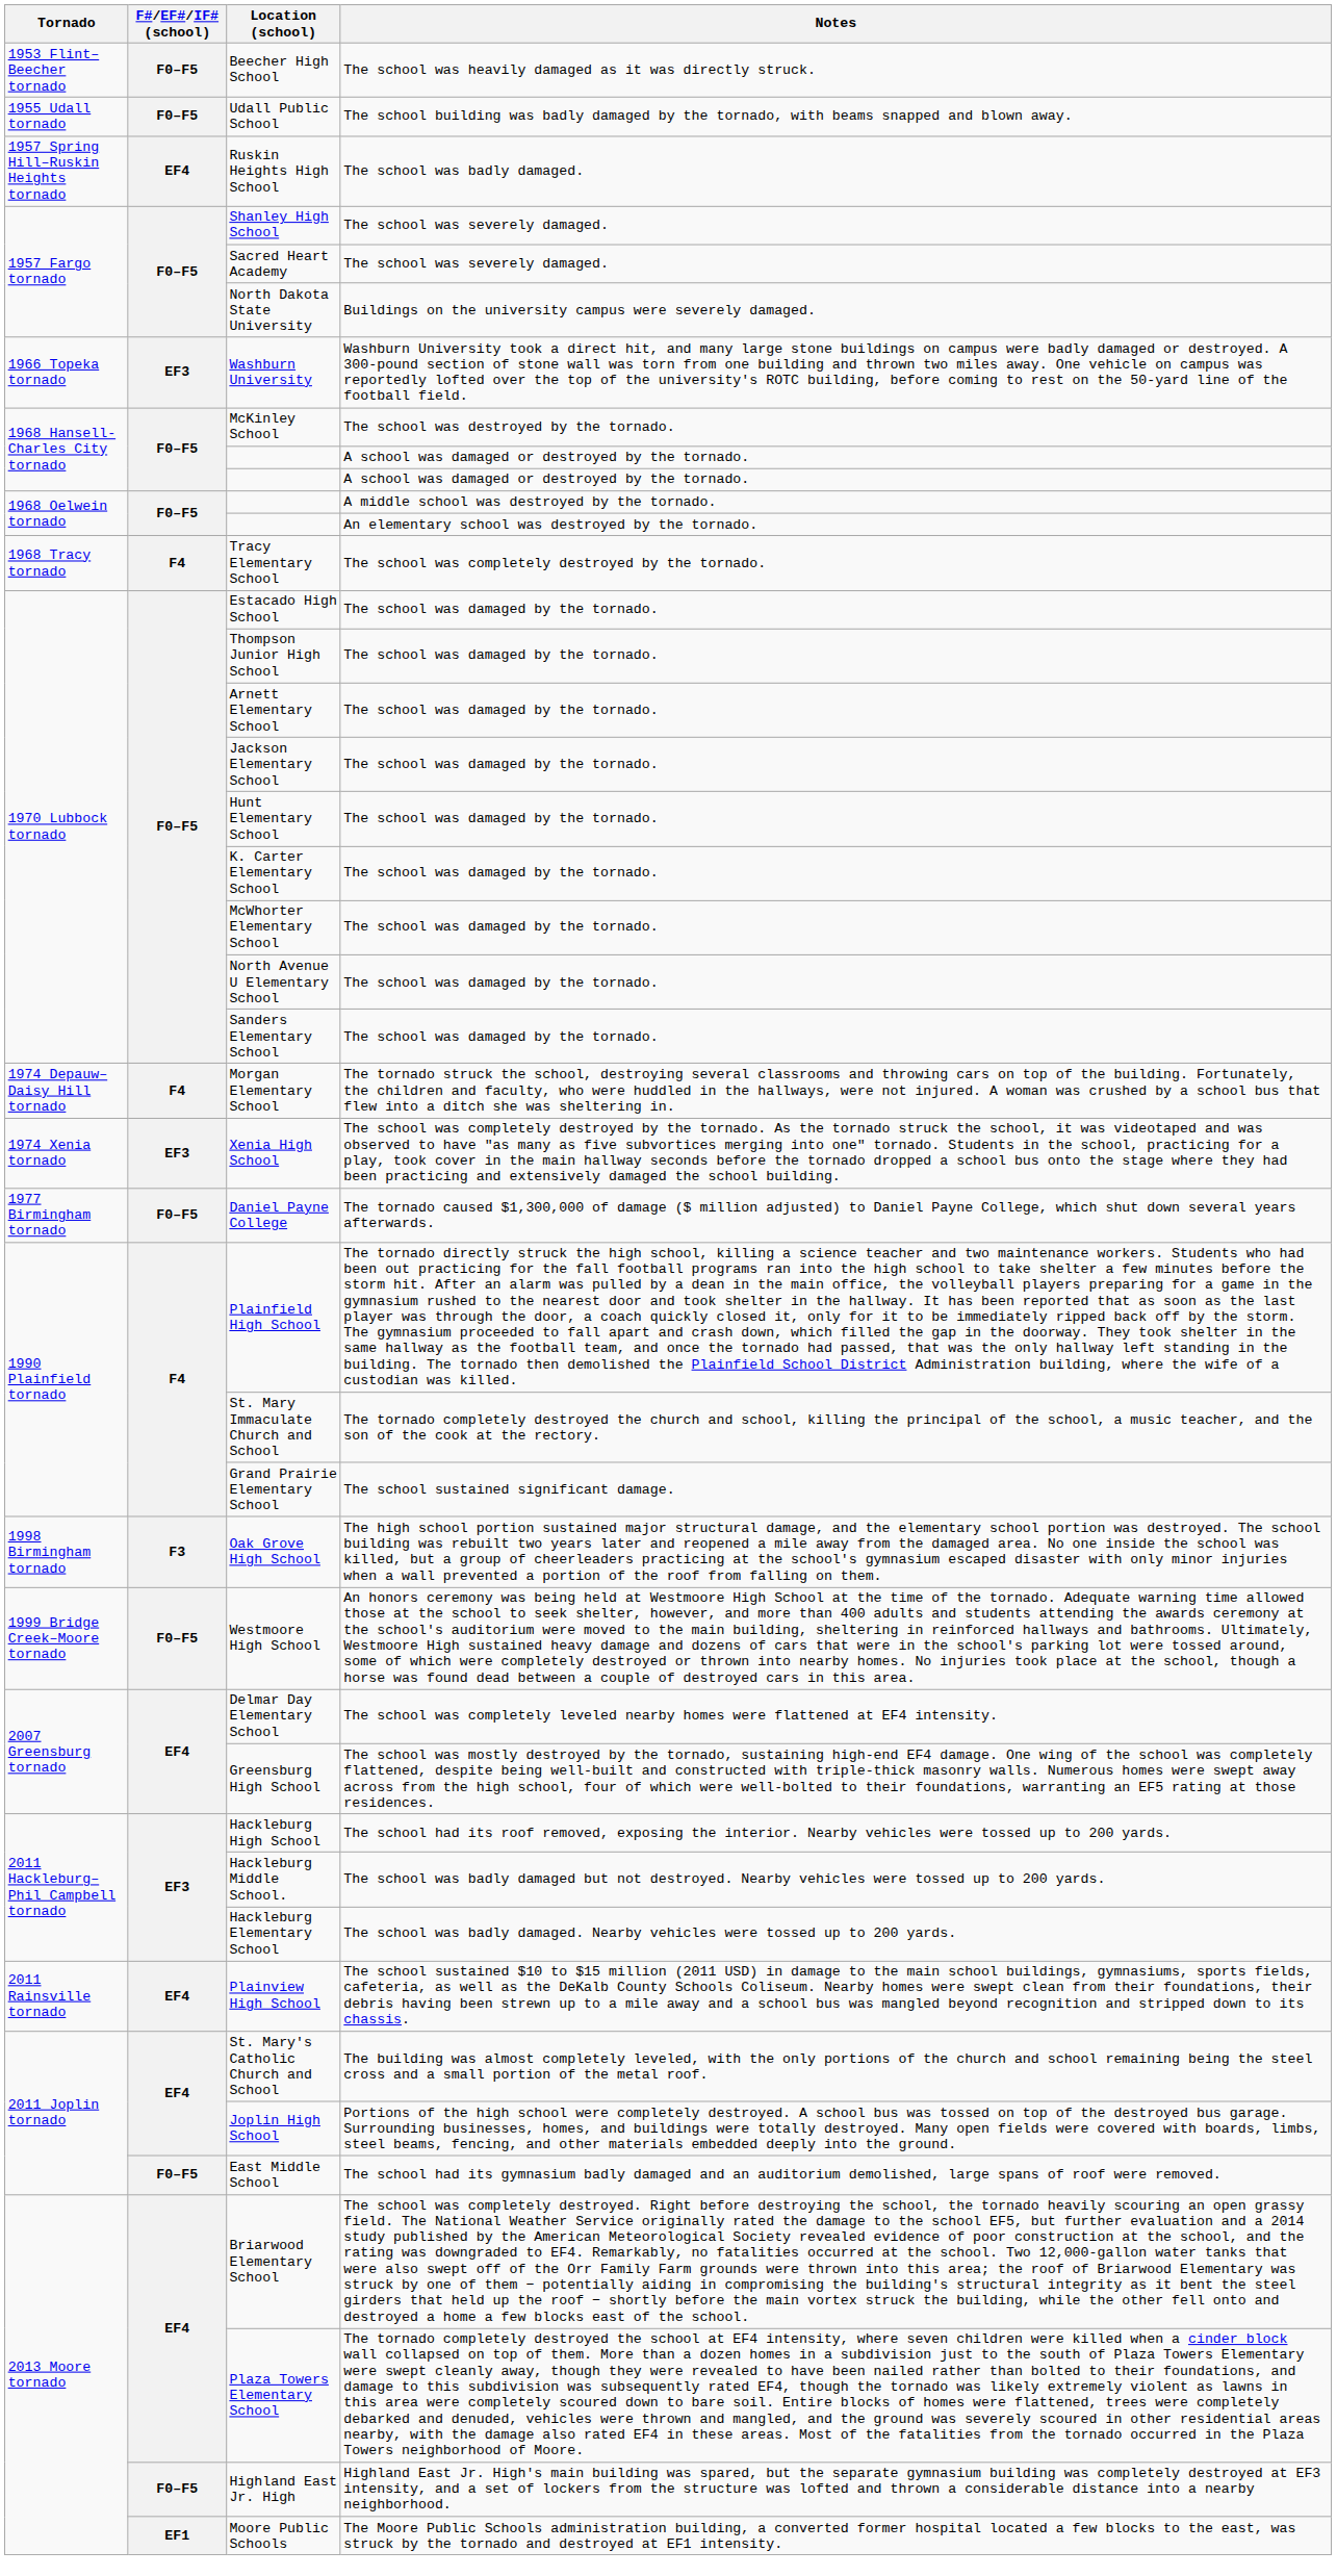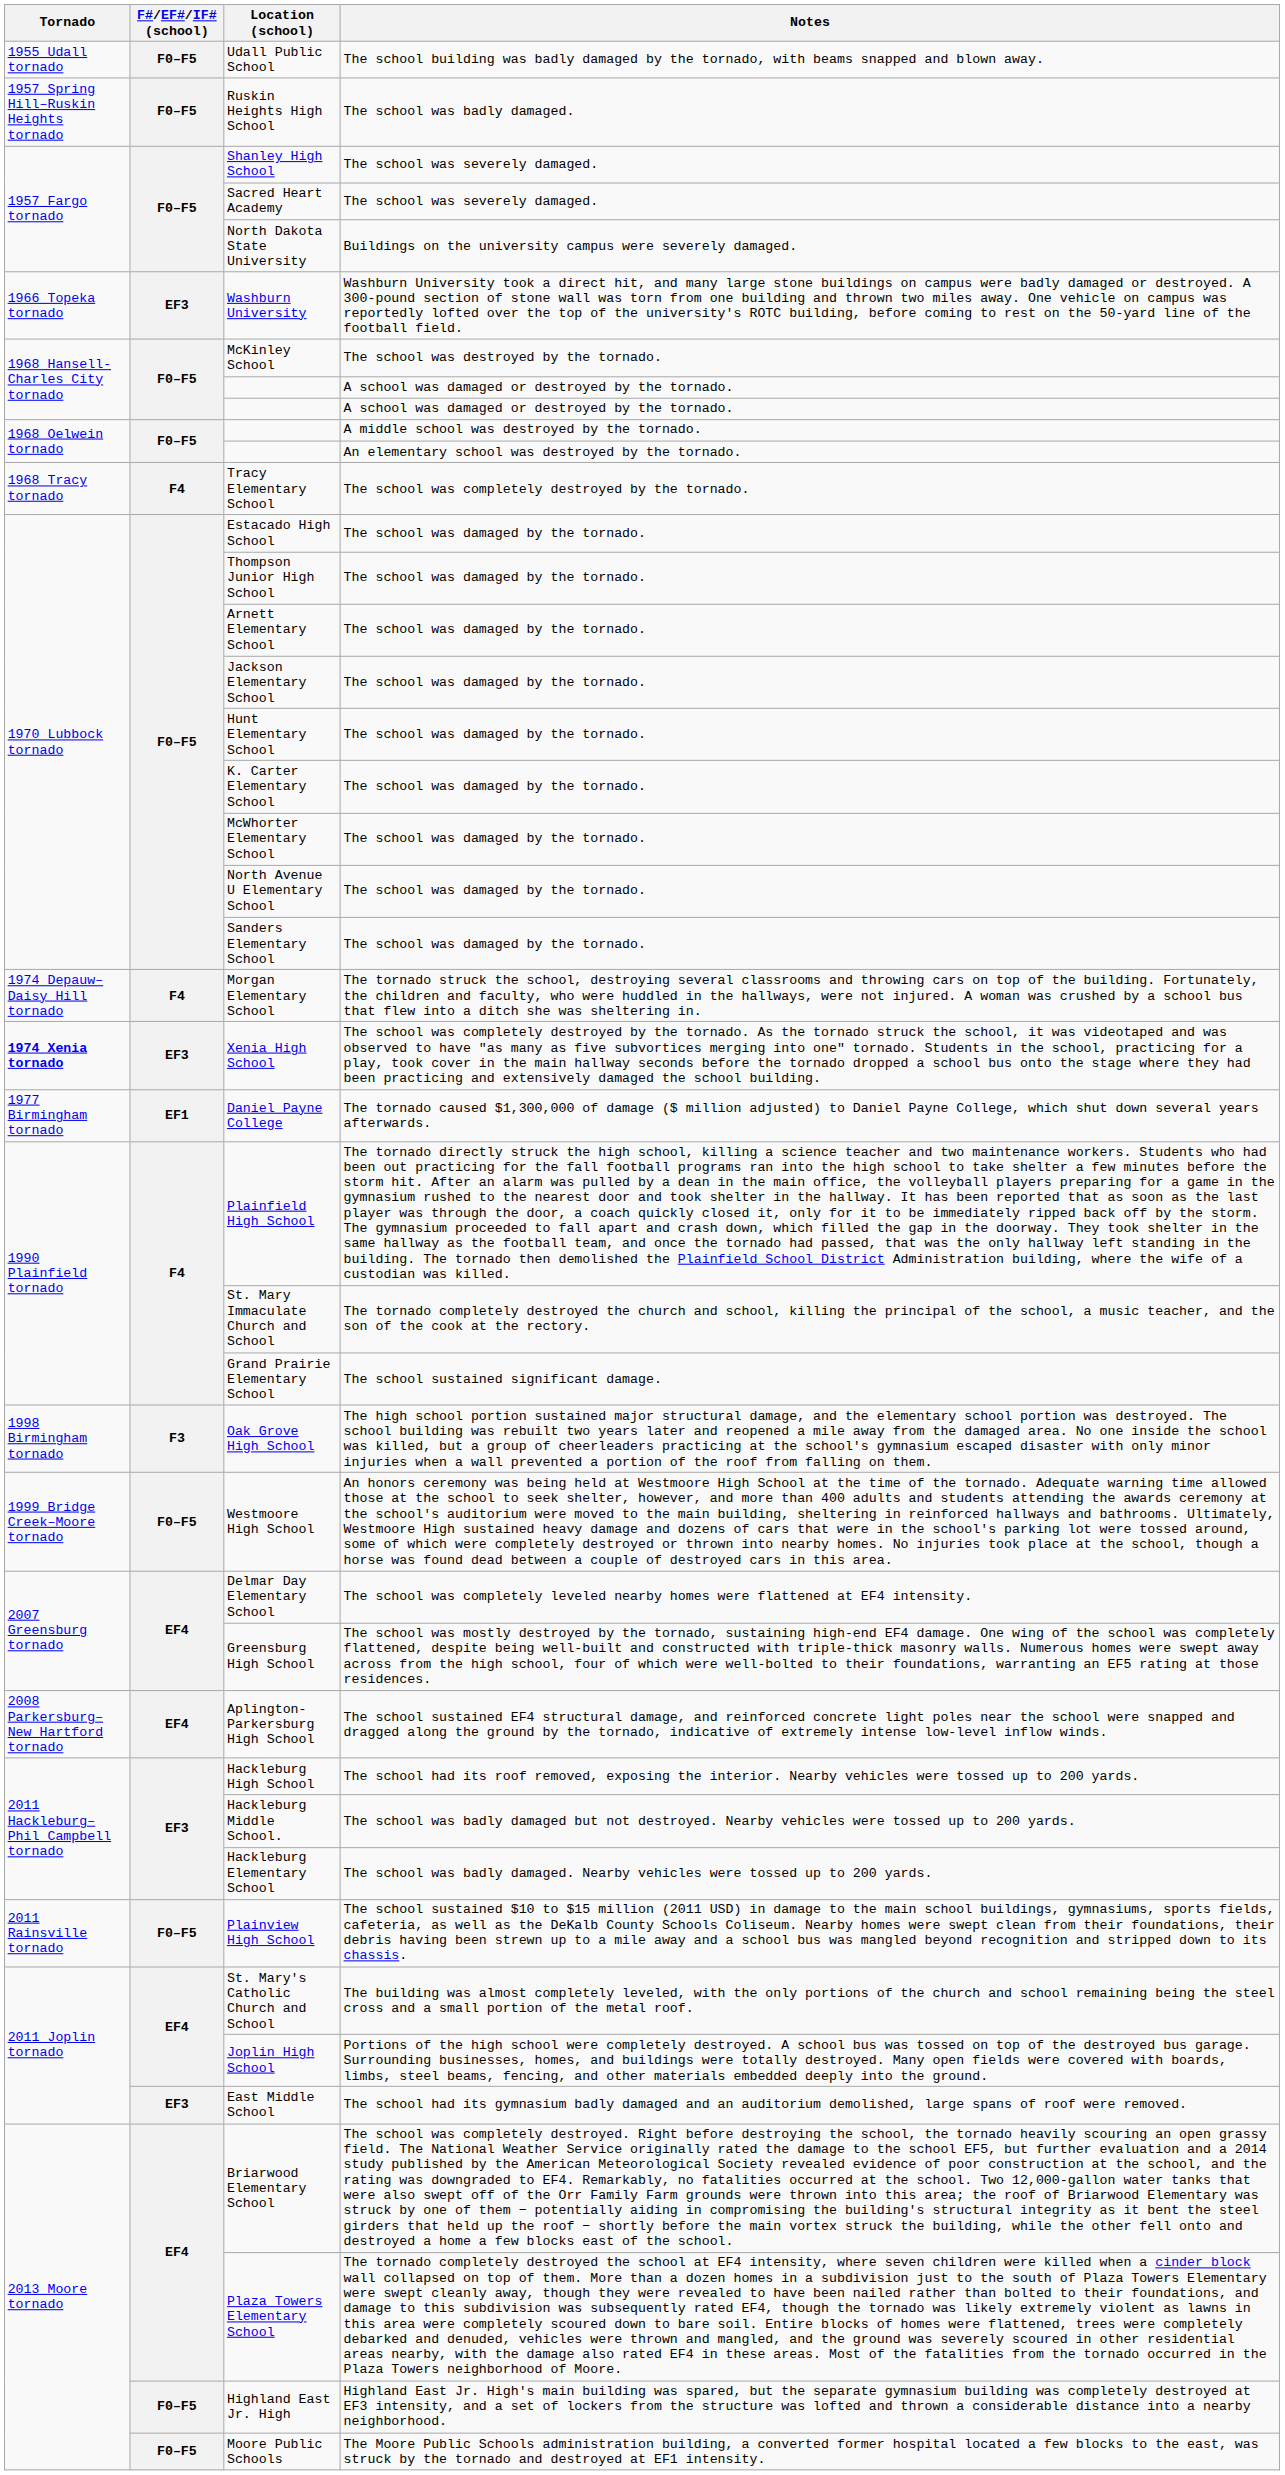 <table class="wikitable">
 <tr>
 <th>Tornado</th>
 <th><a href='#'>F#</a><strong>/</strong><a href='#'>EF#</a><strong>/</strong><a href='#'>IF#</a> (school)</th>
 <th>Location (school)</th>
 <th>Notes</th>
-</tr>
-<tr>
-<td scope="row" rowspan="1"><a href='#'>1953 Flint–Beecher tornado</a></td>
-<th scope="row" rowspan="1" style="background-color:#">F0–F5</th>
-<td>Beecher High School</td>
-<td>The school was heavily damaged as it was directly struck.</td>
 </tr>
 <tr>
 <td scope="row" rowspan="1"><a href='#'>1955 Udall tornado</a></td>
 <th scope="row" rowspan="1" style="background-color:#">F0–F5</th>
 <td>Udall Public School</td>
 <td>The school building was badly damaged by the tornado, with beams snapped and blown away.</td>
 </tr>
 <tr>
 <td scope="row" rowspan="1"><a href='#'>1957 Spring Hill–Ruskin Heights tornado</a></td>
-<th scope="row" rowspan="1" style="background-color:#">EF4</th>
+<th scope="row" rowspan="1" style="background-color:#">F0–F5</th>
 <td>Ruskin Heights High School</td>
 <td>The school was badly damaged.</td>
 </tr>
 <tr>
 <td scope="row" rowspan="3"><a href='#'>1957 Fargo tornado</a></td>
 <th scope="row" rowspan="3" style="background-color:#">F0–F5</th>
 <td><a href='#'>Shanley High School</a></td>
 <td>The school was severely damaged.</td>
 </tr>
 <tr>
 <td>Sacred Heart Academy</td>
 <td>The school was severely damaged.</td>
 </tr>
 <tr>
 <td>North Dakota State University</td>
 <td>Buildings on the university campus were severely damaged.</td>
 </tr>
 <tr>
 <td scope="row" rowspan="1"><a href='#'>1966 Topeka tornado</a></td>
 <th scope="row" rowspan="1" style="background-color:#">EF3</th>
 <td><a href='#'>Washburn University</a></td>
 <td>Washburn University took a direct hit, and many large stone buildings on campus were badly damaged or destroyed. A 300-pound section of stone wall was torn from one building and thrown two miles away. One vehicle on campus was reportedly lofted over the top of the university's ROTC building, before coming to rest on the 50-yard line of the football field.</td>
 </tr>
 <tr>
 <td scope="row" rowspan="3"><a href='#'>1968 Hansell-Charles City tornado</a></td>
 <th scope="row" rowspan="3" style="background-color:#">F0–F5</th>
 <td>McKinley School</td>
 <td>The school was destroyed by the tornado.</td>
 </tr>
 <tr>
 <td></td>
 <td>A school was damaged or destroyed by the tornado.</td>
 </tr>
 <tr>
 <td></td>
 <td>A school was damaged or destroyed by the tornado.</td>
 </tr>
 <tr>
 <td scope="row" rowspan="2"><a href='#'>1968 Oelwein tornado</a></td>
 <th scope="row" rowspan="2" style="background-color:#">F0–F5</th>
 <td></td>
 <td>A middle school was destroyed by the tornado.</td>
 </tr>
 <tr>
 <td></td>
 <td>An elementary school was destroyed by the tornado.</td>
 </tr>
 <tr>
 <td scope="row" rowspan="1"><a href='#'>1968 Tracy tornado</a></td>
 <th scope="row" rowspan="1" style="background-color:#">F4</th>
 <td>Tracy Elementary School</td>
 <td>The school was completely destroyed by the tornado.</td>
 </tr>
 <tr>
 <td scope="row" rowspan="9"><a href='#'>1970 Lubbock tornado</a></td>
 <th scope="row" rowspan="9" style="background-color:#">F0–F5</th>
 <td>Estacado High School</td>
 <td>The school was damaged by the tornado.</td>
 </tr>
 <tr>
 <td>Thompson Junior High School</td>
 <td>The school was damaged by the tornado.</td>
 </tr>
 <tr>
 <td>Arnett Elementary School</td>
 <td>The school was damaged by the tornado.</td>
 </tr>
 <tr>
 <td>Jackson Elementary School</td>
 <td>The school was damaged by the tornado.</td>
 </tr>
 <tr>
 <td>Hunt Elementary School</td>
 <td>The school was damaged by the tornado.</td>
 </tr>
 <tr>
 <td>K. Carter Elementary School</td>
 <td>The school was damaged by the tornado.</td>
 </tr>
 <tr>
 <td>McWhorter Elementary School</td>
 <td>The school was damaged by the tornado.</td>
 </tr>
 <tr>
 <td>North Avenue U Elementary School</td>
 <td>The school was damaged by the tornado.</td>
 </tr>
 <tr>
 <td>Sanders Elementary School</td>
 <td>The school was damaged by the tornado.</td>
 </tr>
 <tr>
 <td scope="row" rowspan="1"><a href='#'>1974 Depauw–Daisy Hill tornado</a></td>
 <th scope="row" rowspan="1" style="background-color:#">F4</th>
 <td>Morgan Elementary School</td>
 <td>The tornado struck the school, destroying several classrooms and throwing cars on top of the building. Fortunately, the children and faculty, who were huddled in the hallways, were not injured. A woman was crushed by a school bus that flew into a ditch she was sheltering in.</td>
 </tr>
 <tr>
-<td scope="row" rowspan="1"><a href='#'>1974 Xenia tornado</a></td>
+<td scope="row" rowspan="1"><strong><a href='#'>1974 Xenia tornado</a></strong></td>
 <th scope="row" rowspan="1" style="background-color:#">EF3</th>
 <td><a href='#'>Xenia High School</a></td>
 <td>The school was completely destroyed by the tornado. As the tornado struck the school, it was videotaped and was observed to have "as many as five subvortices merging into one" tornado. Students in the school, practicing for a play, took cover in the main hallway seconds before the tornado dropped a school bus onto the stage where they had been practicing and extensively damaged the school building.</td>
 </tr>
 <tr>
 <td scope="row" rowspan="1"><a href='#'>1977 Birmingham tornado</a></td>
-<th scope="row" rowspan="1" style="background-color:#">F0–F5</th>
+<th scope="row" rowspan="1" style="background-color:#">EF1</th>
 <td><a href='#'>Daniel Payne College</a></td>
 <td>The tornado caused $1,300,000 of damage ($ million adjusted) to Daniel Payne College, which shut down several years afterwards.</td>
 </tr>
 <tr>
 <td scope="row" rowspan="3"><a href='#'>1990 Plainfield tornado</a></td>
 <th scope="row" rowspan="3" style="background-color:#">F4</th>
 <td><a href='#'>Plainfield High School</a></td>
 <td>The tornado directly struck the high school, killing a science teacher and two maintenance workers. Students who had been out practicing for the fall football programs ran into the high school to take shelter a few minutes before the storm hit. After an alarm was pulled by a dean in the main office, the volleyball players preparing for a game in the gymnasium rushed to the nearest door and took shelter in the hallway. It has been reported that as soon as the last player was through the door, a coach quickly closed it, only for it to be immediately ripped back off by the storm. The gymnasium proceeded to fall apart and crash down, which filled the gap in the doorway. They took shelter in the same hallway as the football team, and once the tornado had passed, that was the only hallway left standing in the building. The tornado then demolished the <a href='#'>Plainfield School District</a> Administration building, where the wife of a custodian was killed.</td>
 </tr>
 <tr>
 <td>St. Mary Immaculate Church and School</td>
 <td>The tornado completely destroyed the church and school, killing the principal of the school, a music teacher, and the son of the cook at the rectory.</td>
 </tr>
 <tr>
 <td>Grand Prairie Elementary School</td>
 <td>The school sustained significant damage.</td>
 </tr>
 <tr>
 <td scope="row" rowspan="1"><a href='#'>1998 Birmingham tornado</a></td>
 <th scope="row" rowspan="1" style="background-color:#">F3</th>
 <td><a href='#'>Oak Grove High School</a></td>
 <td>The high school portion sustained major structural damage, and the elementary school portion was destroyed. The school building was rebuilt two years later and reopened a mile away from the damaged area. No one inside the school was killed, but a group of cheerleaders practicing at the school's gymnasium escaped disaster with only minor injuries when a wall prevented a portion of the roof from falling on them.</td>
 </tr>
 <tr>
 <td scope="row" rowspan="1"><a href='#'>1999 Bridge Creek–Moore tornado</a></td>
 <th scope="row" rowspan="1" style="background-color:#">F0–F5</th>
 <td>Westmoore High School</td>
 <td>An honors ceremony was being held at Westmoore High School at the time of the tornado. Adequate warning time allowed those at the school to seek shelter, however, and more than 400 adults and students attending the awards ceremony at the school's auditorium were moved to the main building, sheltering in reinforced hallways and bathrooms. Ultimately, Westmoore High sustained heavy damage and dozens of cars that were in the school's parking lot were tossed around, some of which were completely destroyed or thrown into nearby homes. No injuries took place at the school, though a horse was found dead between a couple of destroyed cars in this area.</td>
 </tr>
 <tr>
 <td scope="row" rowspan="2"><a href='#'>2007 Greensburg tornado</a></td>
 <th scope="row" rowspan="2" style="background-color:#">EF4</th>
 <td>Delmar Day Elementary School</td>
 <td>The school was completely leveled nearby homes were flattened at EF4 intensity.</td>
 </tr>
 <tr>
 <td>Greensburg High School</td>
 <td>The school was mostly destroyed by the tornado, sustaining high-end EF4 damage. One wing of the school was completely flattened, despite being well-built and constructed with triple-thick masonry walls. Numerous homes were swept away across from the high school, four of which were well-bolted to their foundations, warranting an EF5 rating at those residences.</td>
 </tr>
 <tr>
+<td scope="row" rowspan="1"><a href='#'>2008 Parkersburg–New Hartford tornado</a></td>
+<th scope="row" rowspan="1" style="background-color:#">EF4</th>
+<td>Aplington-Parkersburg High School</td>
+<td>The school sustained EF4 structural damage, and reinforced concrete light poles near the school were snapped and dragged along the ground by the tornado, indicative of extremely intense low-level inflow winds.</td>
+</tr>
+<tr>
 <td scope="row" rowspan="3"><a href='#'>2011 Hackleburg–Phil Campbell tornado</a></td>
 <th scope="row" rowspan="3" style="background-color:#">EF3</th>
 <td>Hackleburg High School</td>
 <td>The school had its roof removed, exposing the interior. Nearby vehicles were tossed up to 200 yards.</td>
 </tr>
 <tr>
 <td>Hackleburg Middle School.</td>
 <td>The school was badly damaged but not destroyed. Nearby vehicles were tossed up to 200 yards.</td>
 </tr>
 <tr>
 <td>Hackleburg Elementary School</td>
 <td>The school was badly damaged. Nearby vehicles were tossed up to 200 yards.</td>
 </tr>
 <tr>
 <td scope="row" rowspan="1"><a href='#'>2011 Rainsville tornado</a></td>
-<th scope="row" rowspan="1" style="background-color:#">EF4</th>
+<th scope="row" rowspan="1" style="background-color:#">F0–F5</th>
 <td><a href='#'>Plainview High School</a></td>
 <td>The school sustained $10 to $15 million (2011 USD) in damage to the main school buildings, gymnasiums, sports fields, cafeteria, as well as the DeKalb County Schools Coliseum. Nearby homes were swept clean from their foundations, their debris having been strewn up to a mile away and a school bus was mangled beyond recognition and stripped down to its <a href='#'>chassis</a>.</td>
 </tr>
 <tr>
 <td scope="row" rowspan="3"><a href='#'>2011 Joplin tornado</a></td>
 <th scope="row" rowspan="2" style="background-color:#">EF4</th>
 <td>St. Mary's Catholic Church and School</td>
 <td>The building was almost completely leveled, with the only portions of the church and school remaining being the steel cross and a small portion of the metal roof.</td>
 </tr>
 <tr>
 <td><a href='#'>Joplin High School</a></td>
 <td>Portions of the high school were completely destroyed. A school bus was tossed on top of the destroyed bus garage. Surrounding businesses, homes, and buildings were totally destroyed. Many open fields were covered with boards, limbs, steel beams, fencing, and other materials embedded deeply into the ground.</td>
 </tr>
 <tr>
-<th scope="row" rowspan="1" style="background-color:#">F0–F5</th>
+<th scope="row" rowspan="1" style="background-color:#">EF3</th>
 <td>East Middle School</td>
 <td>The school had its gymnasium badly damaged and an auditorium demolished, large spans of roof were removed. </td>
 </tr>
 <tr>
 <td scope="row" rowspan="4"><a href='#'>2013 Moore tornado</a></td>
 <th scope="row" rowspan="2" style="background-color:#">EF4</th>
 <td>Briarwood Elementary School</td>
 <td>The school was completely destroyed. Right before destroying the school, the tornado heavily scouring an open grassy field. The National Weather Service originally rated the damage to the school EF5, but further evaluation and a 2014 study published by the American Meteorological Society revealed evidence of poor construction at the school, and the rating was downgraded to EF4. Remarkably, no fatalities occurred at the school. Two 12,000-gallon water tanks that were also swept off of the Orr Family Farm grounds were thrown into this area; the roof of Briarwood Elementary was struck by one of them − potentially aiding in compromising the building's structural integrity as it bent the steel girders that held up the roof − shortly before the main vortex struck the building, while the other fell onto and destroyed a home a few blocks east of the school.</td>
 </tr>
 <tr>
 <td><a href='#'>Plaza Towers Elementary School</a></td>
 <td>The tornado completely destroyed the school at EF4 intensity, where seven children were killed when a <a href='#'>cinder block</a> wall collapsed on top of them. More than a dozen homes in a subdivision just to the south of Plaza Towers Elementary were swept cleanly away, though they were revealed to have been nailed rather than bolted to their foundations, and damage to this subdivision was subsequently rated EF4, though the tornado was likely extremely violent as lawns in this area were completely scoured down to bare soil. Entire blocks of homes were flattened, trees were completely debarked and denuded, vehicles were thrown and mangled, and the ground was severely scoured in other residential areas nearby, with the damage also rated EF4 in these areas. Most of the fatalities from the tornado occurred in the Plaza Towers neighborhood of Moore.</td>
 </tr>
 <tr>
 <th scope="row" rowspan="1" style="background-color:#">F0–F5</th>
 <td>Highland East Jr. High</td>
 <td>Highland East Jr. High's main building was spared, but the separate gymnasium building was completely destroyed at EF3 intensity, and a set of lockers from the structure was lofted and thrown a considerable distance into a nearby neighborhood.</td>
 </tr>
 <tr>
-<th scope="row" rowspan="1" style="background-color:#">EF1</th>
+<th scope="row" rowspan="1" style="background-color:#">F0–F5</th>
 <td>Moore Public Schools</td>
 <td>The Moore Public Schools administration building, a converted former hospital located a few blocks to the east, was struck by the tornado and destroyed at EF1 intensity.</td>
 </tr>
 </table>
